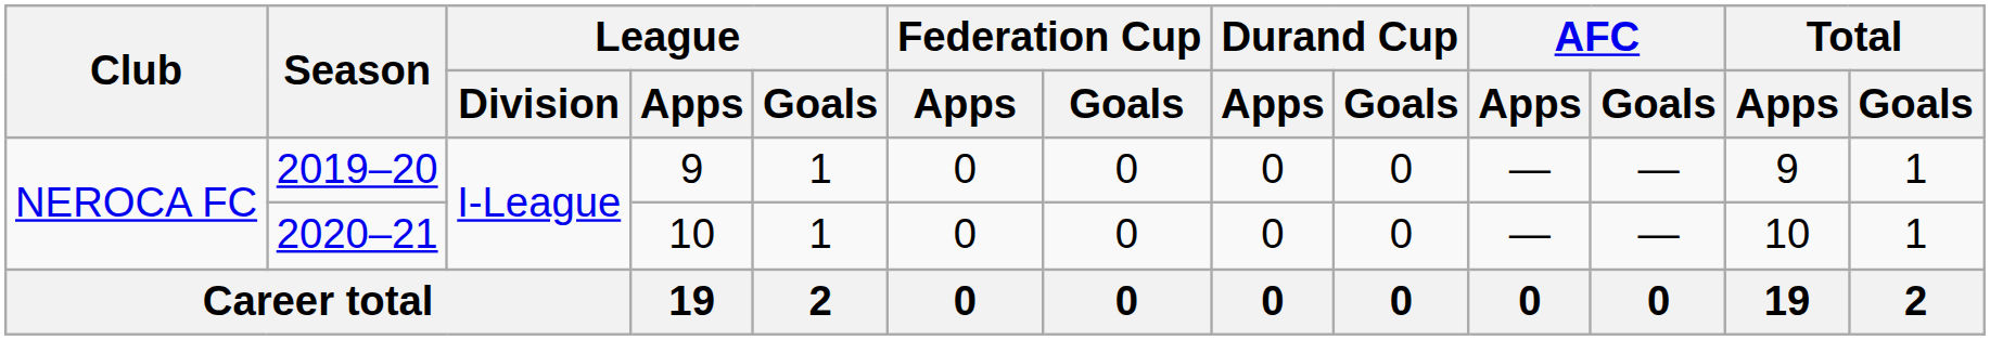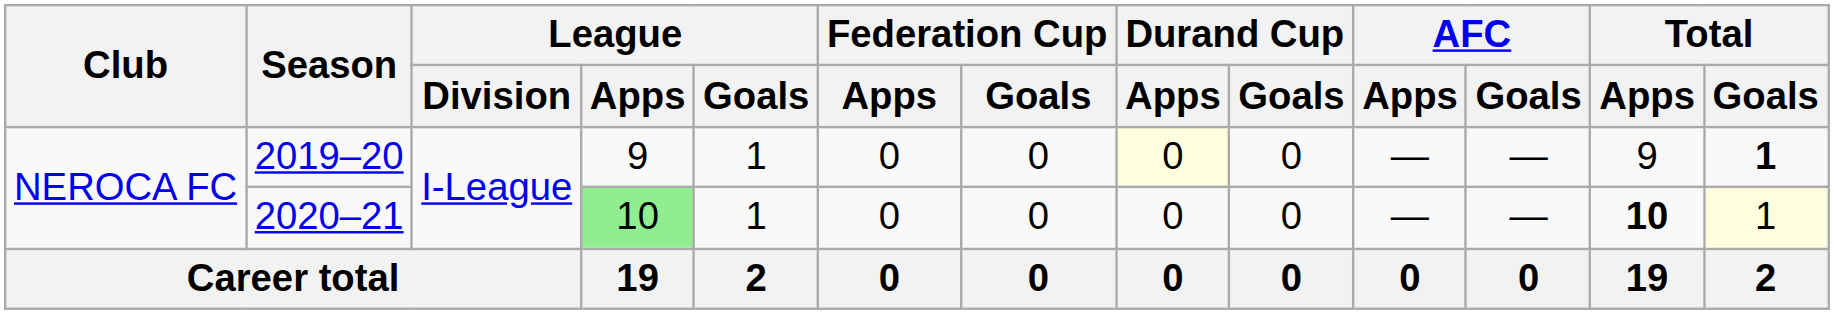 <table class="wikitable" style="text-align: center;">
 <tr>
 <th rowspan="2">Club</th>
 <th rowspan="2">Season</th>
 <th colspan="3">League</th>
 <th colspan="2">Federation Cup</th>
 <th colspan="2">Durand Cup</th>
 <th colspan="2"><a href='#'>AFC</a></th>
 <th colspan="2">Total</th>
 </tr>
 <tr>
 <th>Division</th>
 <th>Apps</th>
 <th>Goals</th>
 <th>Apps</th>
 <th>Goals</th>
 <th>Apps</th>
 <th>Goals</th>
 <th>Apps</th>
 <th>Goals</th>
 <th>Apps</th>
 <th>Goals</th>
 </tr>
 <tr>
 <td rowspan="2"><a href='#'>NEROCA FC</a></td>
 <td><a href='#'>2019–20</a></td>
 <td rowspan="2"><a href='#'>I-League</a></td>
 <td>9</td>
 <td>1</td>
 <td>0</td>
 <td>0</td>
-<td>0</td>
+<td style="background: lightyellow;">0</td>
 <td>0</td>
 <td>—</td>
 <td>—</td>
 <td>9</td>
-<td>1</td>
+<td><strong>1</strong></td>
 </tr>
 <tr>
 <td><a href='#'>2020–21</a></td>
-<td>10</td>
+<td style="background: lightgreen;">10</td>
 <td>1</td>
 <td>0</td>
 <td>0</td>
 <td>0</td>
 <td>0</td>
 <td>—</td>
 <td>—</td>
-<td>10</td>
-<td>1</td>
+<td><strong>10</strong></td>
+<td style="background: lightyellow;">1</td>
 </tr>
 <tr>
 <th colspan="3">Career total</th>
 <th>19</th>
 <th>2</th>
 <th>0</th>
 <th>0</th>
 <th>0</th>
 <th>0</th>
 <th>0</th>
 <th>0</th>
 <th>19</th>
 <th>2</th>
 </tr>
 </table>
